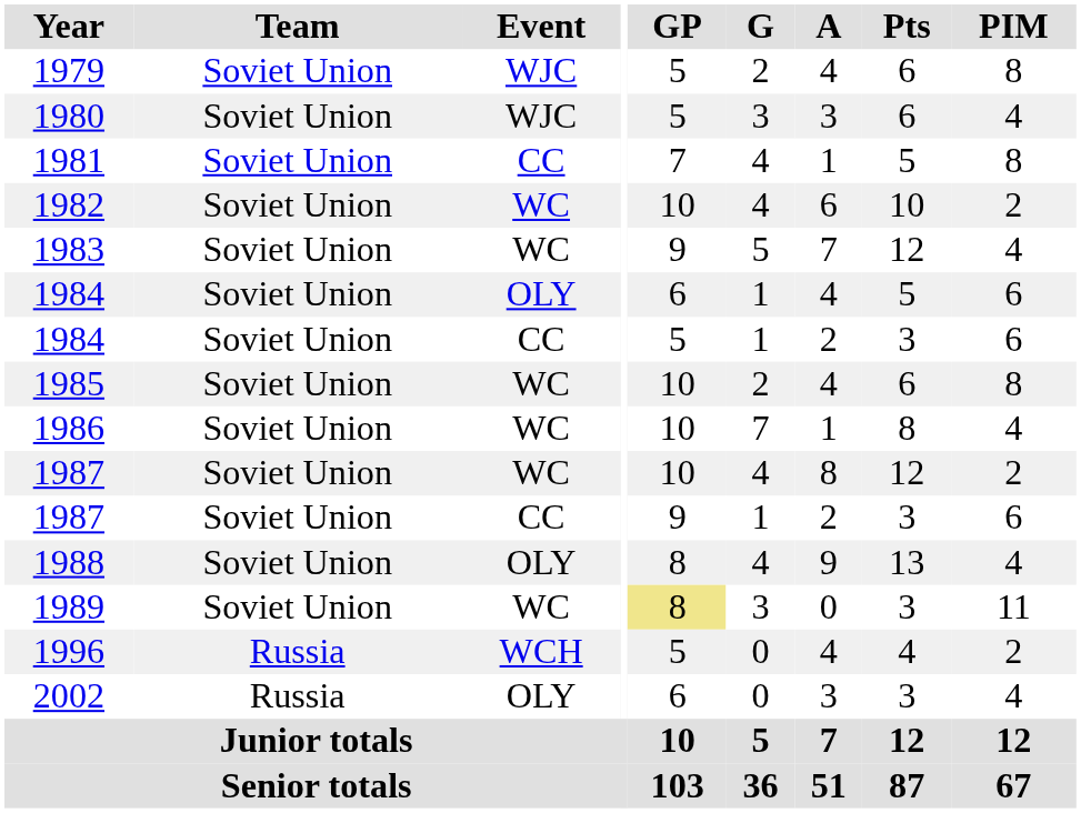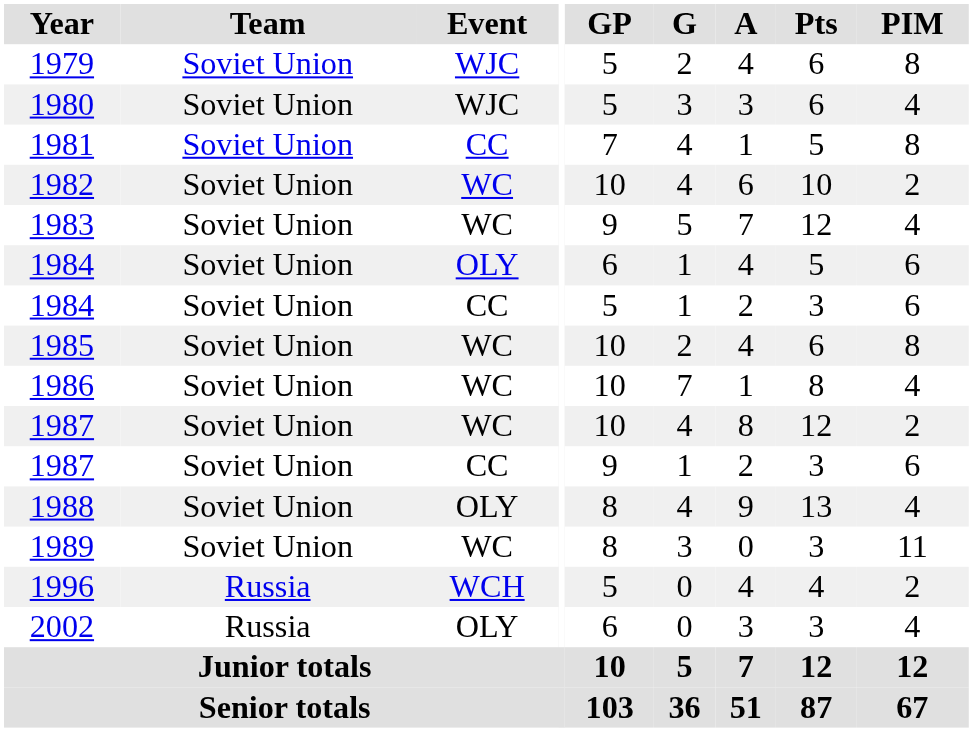 <table border="0" cellpadding="1" cellspacing="0" ID="Table3" style="text-align:center; width:30em">
 <tr bgcolor="#e0e0e0">
 <th>Year</th>
 <th>Team</th>
 <th>Event</th>
 <th rowspan="102" bgcolor="#ffffff"></th>
 <th>GP</th>
 <th>G</th>
 <th>A</th>
 <th>Pts</th>
 <th>PIM</th>
 </tr>
 <tr>
 <td><a href='#'>1979</a></td>
 <td><a href='#'>Soviet Union</a></td>
 <td><a href='#'>WJC</a></td>
 <td>5</td>
 <td>2</td>
 <td>4</td>
 <td>6</td>
 <td>8</td>
 </tr>
 <tr bgcolor="#f0f0f0">
 <td><a href='#'>1980</a></td>
 <td>Soviet Union</td>
 <td>WJC</td>
 <td>5</td>
 <td>3</td>
 <td>3</td>
 <td>6</td>
 <td>4</td>
 </tr>
 <tr>
 <td><a href='#'>1981</a></td>
 <td><a href='#'>Soviet Union</a></td>
 <td><a href='#'>CC</a></td>
 <td>7</td>
 <td>4</td>
 <td>1</td>
 <td>5</td>
 <td>8</td>
 </tr>
 <tr bgcolor="#f0f0f0">
 <td><a href='#'>1982</a></td>
 <td>Soviet Union</td>
 <td><a href='#'>WC</a></td>
 <td>10</td>
 <td>4</td>
 <td>6</td>
 <td>10</td>
 <td>2</td>
 </tr>
 <tr>
 <td><a href='#'>1983</a></td>
 <td>Soviet Union</td>
 <td>WC</td>
 <td>9</td>
 <td>5</td>
 <td>7</td>
 <td>12</td>
 <td>4</td>
 </tr>
 <tr bgcolor="#f0f0f0">
 <td><a href='#'>1984</a></td>
 <td>Soviet Union</td>
 <td><a href='#'>OLY</a></td>
 <td>6</td>
 <td>1</td>
 <td>4</td>
 <td>5</td>
 <td>6</td>
 </tr>
 <tr>
 <td><a href='#'>1984</a></td>
 <td>Soviet Union</td>
 <td>CC</td>
 <td>5</td>
 <td>1</td>
 <td>2</td>
 <td>3</td>
 <td>6</td>
 </tr>
 <tr bgcolor="#f0f0f0">
 <td><a href='#'>1985</a></td>
 <td>Soviet Union</td>
 <td>WC</td>
 <td>10</td>
 <td>2</td>
 <td>4</td>
 <td>6</td>
 <td>8</td>
 </tr>
 <tr>
 <td><a href='#'>1986</a></td>
 <td>Soviet Union</td>
 <td>WC</td>
 <td>10</td>
 <td>7</td>
 <td>1</td>
 <td>8</td>
 <td>4</td>
 </tr>
 <tr bgcolor="#f0f0f0">
 <td><a href='#'>1987</a></td>
 <td>Soviet Union</td>
 <td>WC</td>
 <td>10</td>
 <td>4</td>
 <td>8</td>
 <td>12</td>
 <td>2</td>
 </tr>
 <tr>
 <td><a href='#'>1987</a></td>
 <td>Soviet Union</td>
 <td>CC</td>
 <td>9</td>
 <td>1</td>
 <td>2</td>
 <td>3</td>
 <td>6</td>
 </tr>
 <tr bgcolor="#f0f0f0">
 <td><a href='#'>1988</a></td>
 <td>Soviet Union</td>
 <td>OLY</td>
 <td>8</td>
 <td>4</td>
 <td>9</td>
 <td>13</td>
 <td>4</td>
 </tr>
 <tr>
 <td><a href='#'>1989</a></td>
 <td>Soviet Union</td>
 <td>WC</td>
-<td style="background: khaki;">8</td>
+<td>8</td>
 <td>3</td>
 <td>0</td>
 <td>3</td>
 <td>11</td>
 </tr>
 <tr bgcolor="#f0f0f0">
 <td><a href='#'>1996</a></td>
 <td><a href='#'>Russia</a></td>
 <td><a href='#'>WCH</a></td>
 <td>5</td>
 <td>0</td>
 <td>4</td>
 <td>4</td>
 <td>2</td>
 </tr>
 <tr>
 <td><a href='#'>2002</a></td>
 <td>Russia</td>
 <td>OLY</td>
 <td>6</td>
 <td>0</td>
 <td>3</td>
 <td>3</td>
 <td>4</td>
 </tr>
 <tr bgcolor="#e0e0e0">
 <th colspan="4">Junior totals</th>
 <th>10</th>
 <th>5</th>
 <th>7</th>
 <th>12</th>
 <th>12</th>
 </tr>
 <tr bgcolor="#e0e0e0">
 <th colspan="4">Senior totals</th>
 <th>103</th>
 <th>36</th>
 <th>51</th>
 <th>87</th>
 <th>67</th>
 </tr>
 </table>
